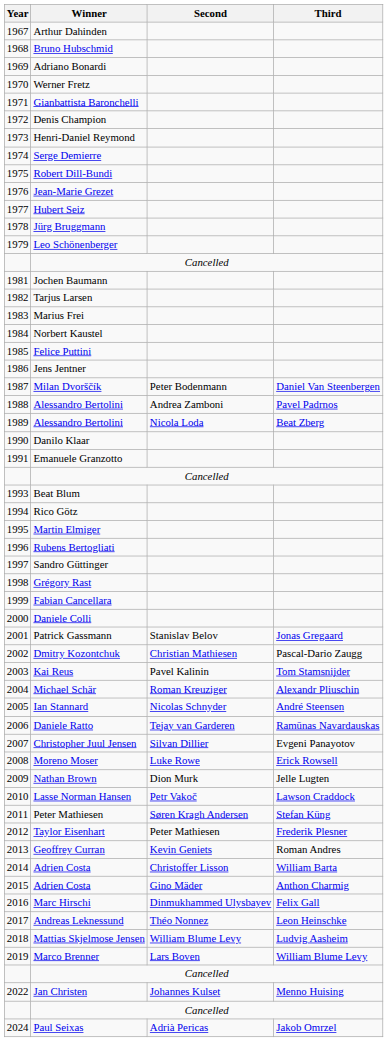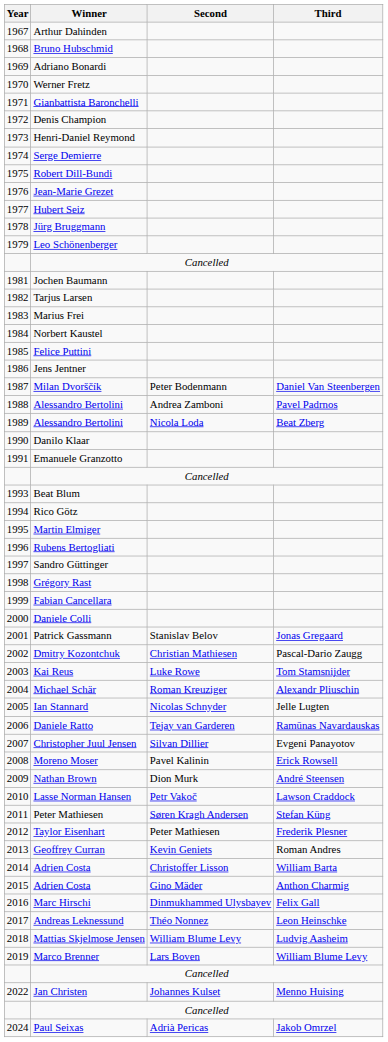 <table class="wikitable sortable" style="font-size:95%">
 <tr>
 <th>Year</th>
 <th>Winner</th>
 <th>Second</th>
 <th>Third</th>
 </tr>
 <tr>
 <td>1967</td>
 <td> Arthur Dahinden</td>
 <td></td>
 <td></td>
 </tr>
 <tr>
 <td>1968</td>
 <td> <a href='#'>Bruno Hubschmid</a></td>
 <td></td>
 <td></td>
 </tr>
 <tr>
 <td>1969</td>
 <td> Adriano Bonardi</td>
 <td></td>
 <td></td>
 </tr>
 <tr>
 <td>1970</td>
 <td> Werner Fretz</td>
 <td></td>
 <td></td>
 </tr>
 <tr>
 <td>1971</td>
 <td> <a href='#'>Gianbattista Baronchelli</a></td>
 <td></td>
 <td></td>
 </tr>
 <tr>
 <td>1972</td>
 <td> Denis Champion</td>
 <td></td>
 <td></td>
 </tr>
 <tr>
 <td>1973</td>
 <td> Henri-Daniel Reymond</td>
 <td></td>
 <td></td>
 </tr>
 <tr>
 <td>1974</td>
 <td> <a href='#'>Serge Demierre</a></td>
 <td></td>
 <td></td>
 </tr>
 <tr>
 <td>1975</td>
 <td> <a href='#'>Robert Dill-Bundi</a></td>
 <td></td>
 <td></td>
 </tr>
 <tr>
 <td>1976</td>
 <td> <a href='#'>Jean-Marie Grezet</a></td>
 <td></td>
 <td></td>
 </tr>
 <tr>
 <td>1977</td>
 <td> <a href='#'>Hubert Seiz</a></td>
 <td></td>
 <td></td>
 </tr>
 <tr>
 <td>1978</td>
 <td> <a href='#'>Jürg Bruggmann</a></td>
 <td></td>
 <td></td>
 </tr>
 <tr>
 <td>1979</td>
 <td> <a href='#'>Leo Schönenberger</a></td>
 <td></td>
 <td></td>
 </tr>
 <tr>
 <td></td>
 <td align=center colspan=3><em>Cancelled</em></td>
 </tr>
 <tr>
 <td>1981</td>
 <td> Jochen Baumann</td>
 <td></td>
 <td></td>
 </tr>
 <tr>
 <td>1982</td>
 <td> Tarjus Larsen</td>
 <td></td>
 <td></td>
 </tr>
 <tr>
 <td>1983</td>
 <td> Marius Frei</td>
 <td></td>
 <td></td>
 </tr>
 <tr>
 <td>1984</td>
 <td> Norbert Kaustel</td>
 <td></td>
 <td></td>
 </tr>
 <tr>
 <td>1985</td>
 <td> <a href='#'>Felice Puttini</a></td>
 <td></td>
 <td></td>
 </tr>
 <tr>
 <td>1986</td>
 <td> Jens Jentner</td>
 <td></td>
 <td></td>
 </tr>
 <tr>
 <td>1987</td>
 <td> <a href='#'>Milan Dvorščík</a></td>
 <td> Peter Bodenmann</td>
 <td> <a href='#'>Daniel Van Steenbergen</a></td>
 </tr>
 <tr>
 <td>1988</td>
 <td> <a href='#'>Alessandro Bertolini</a></td>
 <td> Andrea Zamboni</td>
 <td> <a href='#'>Pavel Padrnos</a></td>
 </tr>
 <tr>
 <td>1989</td>
 <td> <a href='#'>Alessandro Bertolini</a></td>
 <td> <a href='#'>Nicola Loda</a></td>
 <td> <a href='#'>Beat Zberg</a></td>
 </tr>
 <tr>
 <td>1990</td>
 <td> Danilo Klaar</td>
 <td></td>
 <td></td>
 </tr>
 <tr>
 <td>1991</td>
 <td> Emanuele Granzotto</td>
 <td></td>
 <td></td>
 </tr>
 <tr>
 <td></td>
 <td align=center colspan=3><em>Cancelled</em></td>
 </tr>
 <tr>
 <td>1993</td>
 <td> Beat Blum</td>
 <td></td>
 <td></td>
 </tr>
 <tr>
 <td>1994</td>
 <td> Rico Götz</td>
 <td></td>
 <td></td>
 </tr>
 <tr>
 <td>1995</td>
 <td> <a href='#'>Martin Elmiger</a></td>
 <td></td>
 <td></td>
 </tr>
 <tr>
 <td>1996</td>
 <td> <a href='#'>Rubens Bertogliati</a></td>
 <td></td>
 <td></td>
 </tr>
 <tr>
 <td>1997</td>
 <td> Sandro Güttinger</td>
 <td></td>
 <td></td>
 </tr>
 <tr>
 <td>1998</td>
 <td> <a href='#'>Grégory Rast</a></td>
 <td></td>
 <td></td>
 </tr>
 <tr>
 <td>1999</td>
 <td> <a href='#'>Fabian Cancellara</a></td>
 <td></td>
 <td></td>
 </tr>
 <tr>
 <td>2000</td>
 <td> <a href='#'>Daniele Colli</a></td>
 <td></td>
 <td></td>
 </tr>
 <tr>
 <td>2001</td>
 <td> Patrick Gassmann</td>
 <td> Stanislav Belov</td>
 <td> <a href='#'>Jonas Gregaard</a></td>
 </tr>
 <tr>
 <td>2002</td>
 <td> <a href='#'>Dmitry Kozontchuk</a></td>
 <td> <a href='#'>Christian Mathiesen</a></td>
 <td> Pascal-Dario Zaugg</td>
 </tr>
 <tr>
 <td>2003</td>
 <td> <a href='#'>Kai Reus</a></td>
-<td> Pavel Kalinin</td>
+<td> <a href='#'>Luke Rowe</a></td>
 <td> <a href='#'>Tom Stamsnijder</a></td>
 </tr>
 <tr>
 <td>2004</td>
 <td> <a href='#'>Michael Schär</a></td>
 <td> <a href='#'>Roman Kreuziger</a></td>
 <td> <a href='#'>Alexandr Pliuschin</a></td>
 </tr>
 <tr>
 <td>2005</td>
 <td> <a href='#'>Ian Stannard</a></td>
 <td> <a href='#'>Nicolas Schnyder</a></td>
-<td> <a href='#'>André Steensen</a></td>
+<td> Jelle Lugten</td>
 </tr>
 <tr>
 <td>2006</td>
 <td> <a href='#'>Daniele Ratto</a></td>
 <td> <a href='#'>Tejay van Garderen</a></td>
 <td> <a href='#'>Ramūnas Navardauskas</a></td>
 </tr>
 <tr>
 <td>2007</td>
 <td> <a href='#'>Christopher Juul Jensen</a></td>
 <td> <a href='#'>Silvan Dillier</a></td>
 <td> Evgeni Panayotov</td>
 </tr>
 <tr>
 <td>2008</td>
 <td> <a href='#'>Moreno Moser</a></td>
-<td> <a href='#'>Luke Rowe</a></td>
+<td> Pavel Kalinin</td>
 <td> <a href='#'>Erick Rowsell</a></td>
 </tr>
 <tr>
 <td>2009</td>
 <td> <a href='#'>Nathan Brown</a></td>
 <td> Dion Murk</td>
-<td> Jelle Lugten</td>
+<td> <a href='#'>André Steensen</a></td>
 </tr>
 <tr>
 <td>2010</td>
 <td> <a href='#'>Lasse Norman Hansen</a></td>
 <td> <a href='#'>Petr Vakoč</a></td>
 <td> <a href='#'>Lawson Craddock</a></td>
 </tr>
 <tr>
 <td>2011</td>
 <td> Peter Mathiesen</td>
 <td> <a href='#'>Søren Kragh Andersen</a></td>
 <td> <a href='#'>Stefan Küng</a></td>
 </tr>
 <tr>
 <td>2012</td>
 <td> <a href='#'>Taylor Eisenhart</a></td>
 <td> Peter Mathiesen</td>
 <td> <a href='#'>Frederik Plesner</a></td>
 </tr>
 <tr>
 <td>2013</td>
 <td> <a href='#'>Geoffrey Curran</a></td>
 <td> <a href='#'>Kevin Geniets</a></td>
 <td> Roman Andres</td>
 </tr>
 <tr>
 <td>2014</td>
 <td> <a href='#'>Adrien Costa</a></td>
 <td> <a href='#'>Christoffer Lisson</a></td>
 <td> <a href='#'>William Barta</a></td>
 </tr>
 <tr>
 <td>2015</td>
 <td> <a href='#'>Adrien Costa</a></td>
 <td> <a href='#'>Gino Mäder</a></td>
 <td> <a href='#'>Anthon Charmig</a></td>
 </tr>
 <tr>
 <td>2016</td>
 <td> <a href='#'>Marc Hirschi</a></td>
 <td> <a href='#'>Dinmukhammed Ulysbayev</a></td>
 <td> <a href='#'>Felix Gall</a></td>
 </tr>
 <tr>
 <td>2017</td>
 <td> <a href='#'>Andreas Leknessund</a></td>
 <td> <a href='#'>Théo Nonnez</a></td>
 <td> <a href='#'>Leon Heinschke</a></td>
 </tr>
 <tr>
 <td>2018</td>
 <td> <a href='#'>Mattias Skjelmose Jensen</a></td>
 <td> <a href='#'>William Blume Levy</a></td>
 <td> <a href='#'>Ludvig Aasheim</a></td>
 </tr>
 <tr>
 <td>2019</td>
 <td> <a href='#'>Marco Brenner</a></td>
 <td> <a href='#'>Lars Boven</a></td>
 <td> <a href='#'>William Blume Levy</a></td>
 </tr>
 <tr>
 <td></td>
 <td colspan=3 align=center><em>Cancelled</em></td>
 </tr>
 <tr>
 <td>2022</td>
 <td> <a href='#'>Jan Christen</a></td>
 <td> <a href='#'>Johannes Kulset</a></td>
 <td> <a href='#'>Menno Huising</a></td>
 </tr>
 <tr>
 <td></td>
 <td colspan=3 align=center><em>Cancelled</em></td>
 </tr>
 <tr>
 <td>2024</td>
 <td> <a href='#'>Paul Seixas</a></td>
 <td> <a href='#'>Adrià Pericas</a></td>
 <td> <a href='#'>Jakob Omrzel</a></td>
 </tr>
 </table>
